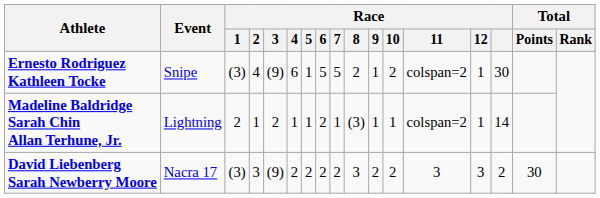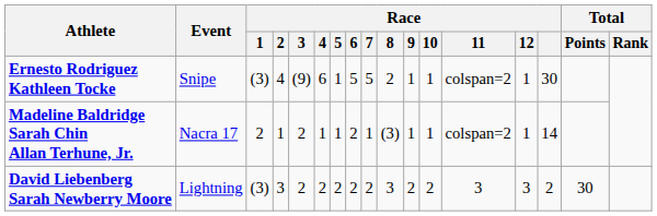 <table class=wikitable style=font-size:90%;text-align:center>
 <tr>
 <th rowspan=2>Athlete</th>
 <th rowspan=2>Event</th>
 <th colspan=13>Race</th>
 <th colspan=2>Total</th>
 </tr>
 <tr style=font-size:95%>
 <th>1</th>
 <th>2</th>
 <th>3</th>
 <th>4</th>
 <th>5</th>
 <th>6</th>
 <th>7</th>
 <th>8</th>
 <th>9</th>
 <th>10</th>
 <th>11</th>
 <th>12</th>
 <th></th>
 <th>Points</th>
 <th>Rank</th>
 </tr>
 <tr>
 <td align=left><strong><a href='#'>Ernesto Rodriguez</a><br><a href='#'>Kathleen Tocke</a></strong></td>
 <td align=left><a href='#'>Snipe</a></td>
 <td>(3)</td>
 <td>4</td>
 <td>(9)<br></td>
 <td>6</td>
 <td>1</td>
 <td>5</td>
 <td>5</td>
 <td>2</td>
 <td>1</td>
-<td>2</td>
+<td>1</td>
 <td>colspan=2 </td>
 <td>1</td>
 <td>30</td>
 <td></td>
 </tr>
 <tr>
 <td align=left><strong><a href='#'>Madeline Baldridge</a><br><a href='#'>Sarah Chin</a><br><a href='#'>Allan Terhune, Jr.</a></strong></td>
-<td align=left><a href='#'>Lightning</a></td>
+<td align=left><a href='#'>Nacra 17</a></td>
 <td>2</td>
 <td>1</td>
 <td>2</td>
 <td>1</td>
 <td>1</td>
 <td>2</td>
 <td>1</td>
 <td>(3)</td>
 <td>1</td>
 <td>1</td>
 <td>colspan=2 </td>
 <td>1</td>
 <td>14</td>
 <td></td>
 </tr>
 <tr>
 <td align=left><strong><a href='#'>David Liebenberg</a><br><a href='#'>Sarah Newberry Moore</a></strong></td>
-<td align=left><a href='#'>Nacra 17</a></td>
+<td align=left><a href='#'>Lightning</a></td>
 <td>(3)</td>
 <td>3</td>
-<td>(9)<br></td>
+<td>2</td>
 <td>2</td>
 <td>2</td>
 <td>2</td>
 <td>2</td>
 <td>3</td>
 <td>2</td>
 <td>2</td>
 <td>3</td>
 <td>3</td>
 <td>2</td>
 <td>30</td>
 <td></td>
 </tr>
 </table>
